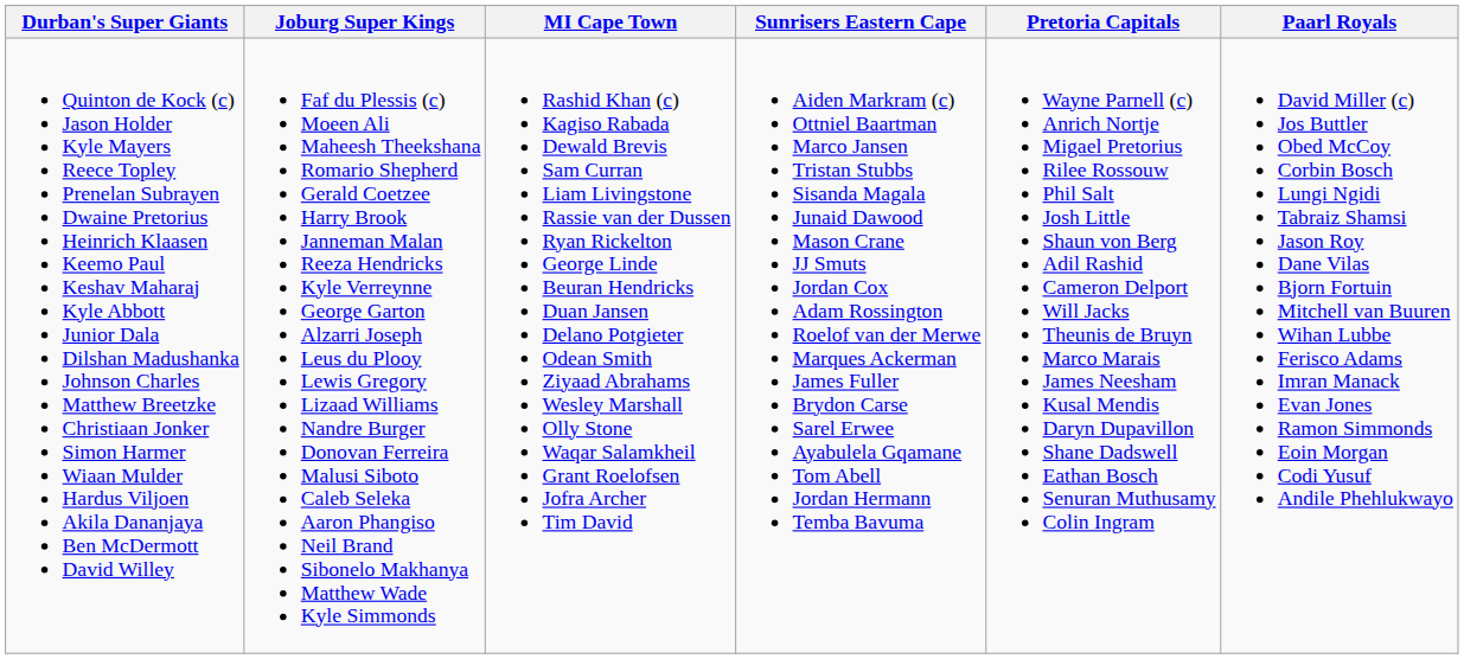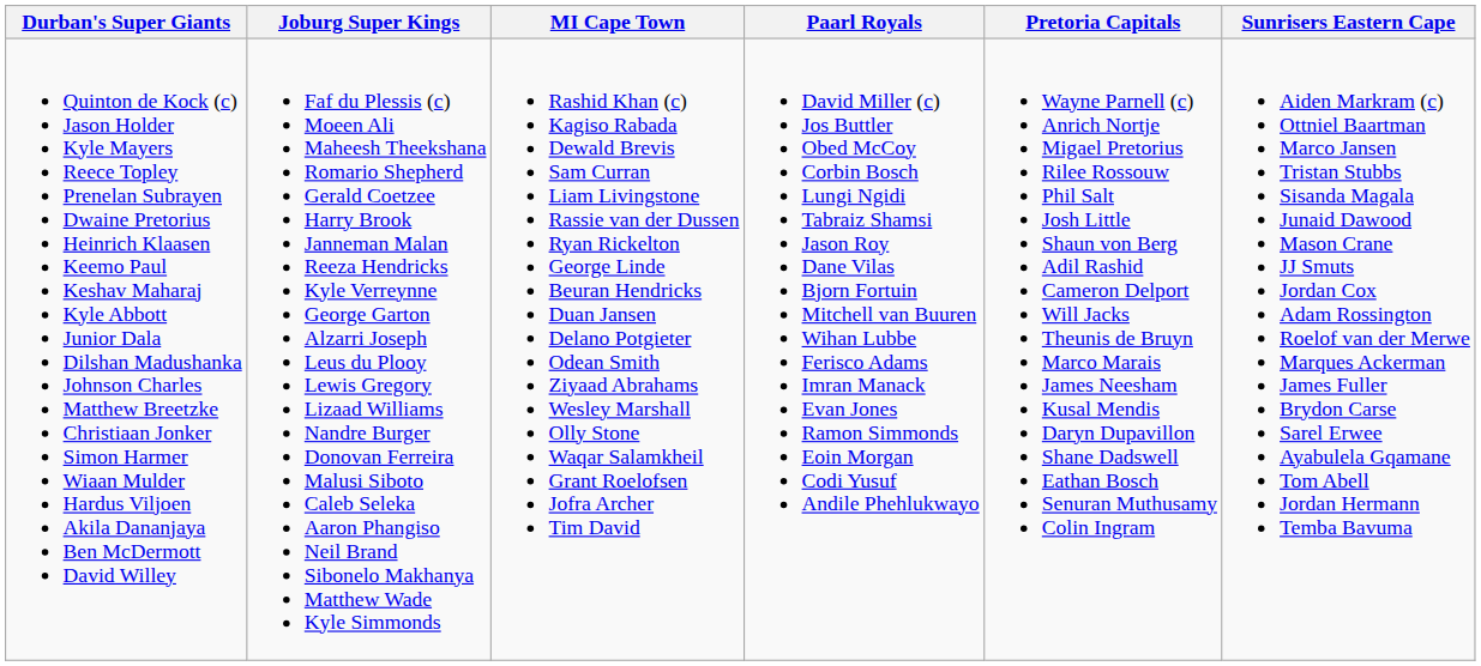 <table class="wikitable">
 <tr>
 <th><a href='#'>Durban's Super Giants</a><br><small></small></th>
 <th><a href='#'>Joburg Super Kings</a><br><small></small></th>
 <th><a href='#'>MI Cape Town</a><br><small></small></th>
+<th><a href='#'>Paarl Royals</a><br><small></small></th>
+<th><a href='#'>Pretoria Capitals</a><br><small></small></th>
 <th><a href='#'>Sunrisers Eastern Cape</a><br><small></small></th>
-<th><a href='#'>Pretoria Capitals</a><br><small></small></th>
-<th><a href='#'>Paarl Royals</a><br><small></small></th>
 </tr>
 <tr>
 <td valign="top"><br><ul><li><a href='#'>Quinton de Kock</a> (<a href='#'>c</a>)</li><li><a href='#'>Jason Holder</a></li><li><a href='#'>Kyle Mayers</a></li><li><a href='#'>Reece Topley</a></li><li><a href='#'>Prenelan Subrayen</a></li><li><a href='#'>Dwaine Pretorius</a></li><li><a href='#'>Heinrich Klaasen</a></li><li><a href='#'>Keemo Paul</a></li><li><a href='#'>Keshav Maharaj</a></li><li><a href='#'>Kyle Abbott</a></li><li><a href='#'>Junior Dala</a></li><li><a href='#'>Dilshan Madushanka</a></li><li><a href='#'>Johnson Charles</a></li><li><a href='#'>Matthew Breetzke</a></li><li><a href='#'>Christiaan Jonker</a></li><li><a href='#'>Simon Harmer</a></li><li><a href='#'>Wiaan Mulder</a></li><li><a href='#'>Hardus Viljoen</a></li><li><a href='#'>Akila Dananjaya</a></li><li><a href='#'>Ben McDermott</a></li><li><a href='#'>David Willey</a></li></ul></td>
 <td valign="top"><br><ul><li><a href='#'>Faf du Plessis</a> (<a href='#'>c</a>)</li><li><a href='#'>Moeen Ali</a></li><li><a href='#'>Maheesh Theekshana</a></li><li><a href='#'>Romario Shepherd</a></li><li><a href='#'>Gerald Coetzee</a></li><li><a href='#'>Harry Brook</a></li><li><a href='#'>Janneman Malan</a></li><li><a href='#'>Reeza Hendricks</a></li><li><a href='#'>Kyle Verreynne</a></li><li><a href='#'>George Garton</a></li><li><a href='#'>Alzarri Joseph</a></li><li><a href='#'>Leus du Plooy</a></li><li><a href='#'>Lewis Gregory</a></li><li><a href='#'>Lizaad Williams</a></li><li><a href='#'>Nandre Burger</a></li><li><a href='#'>Donovan Ferreira</a></li><li><a href='#'>Malusi Siboto</a></li><li><a href='#'>Caleb Seleka</a></li><li><a href='#'>Aaron Phangiso</a></li><li><a href='#'>Neil Brand</a></li><li><a href='#'>Sibonelo Makhanya</a></li><li><a href='#'>Matthew Wade</a></li><li><a href='#'>Kyle Simmonds</a></li></ul></td>
 <td valign="top"><br><ul><li><a href='#'>Rashid Khan</a> (<a href='#'>c</a>)</li><li><a href='#'>Kagiso Rabada</a></li><li><a href='#'>Dewald Brevis</a></li><li><a href='#'>Sam Curran</a></li><li><a href='#'>Liam Livingstone</a></li><li><a href='#'>Rassie van der Dussen</a></li><li><a href='#'>Ryan Rickelton</a></li><li><a href='#'>George Linde</a></li><li><a href='#'>Beuran Hendricks</a></li><li><a href='#'>Duan Jansen</a></li><li><a href='#'>Delano Potgieter</a></li><li><a href='#'>Odean Smith</a></li><li><a href='#'>Ziyaad Abrahams</a></li><li><a href='#'>Wesley Marshall</a></li><li><a href='#'>Olly Stone</a></li><li><a href='#'>Waqar Salamkheil</a></li><li><a href='#'>Grant Roelofsen</a></li><li><a href='#'>Jofra Archer</a></li><li><a href='#'>Tim David</a></li></ul></td>
+<td valign="top"><br><ul><li><a href='#'>David Miller</a> (<a href='#'>c</a>)</li><li><a href='#'>Jos Buttler</a></li><li><a href='#'>Obed McCoy</a></li><li><a href='#'>Corbin Bosch</a></li><li><a href='#'>Lungi Ngidi</a></li><li><a href='#'>Tabraiz Shamsi</a></li><li><a href='#'>Jason Roy</a></li><li><a href='#'>Dane Vilas</a></li><li><a href='#'>Bjorn Fortuin</a></li><li><a href='#'>Mitchell van Buuren</a></li><li><a href='#'>Wihan Lubbe</a></li><li><a href='#'>Ferisco Adams</a></li><li><a href='#'>Imran Manack</a></li><li><a href='#'>Evan Jones</a></li><li><a href='#'>Ramon Simmonds</a></li><li><a href='#'>Eoin Morgan</a></li><li><a href='#'>Codi Yusuf</a></li><li><a href='#'>Andile Phehlukwayo</a></li></ul></td>
+<td valign="top"><br><ul><li><a href='#'>Wayne Parnell</a> (<a href='#'>c</a>)</li><li><a href='#'>Anrich Nortje</a></li><li><a href='#'>Migael Pretorius</a></li><li><a href='#'>Rilee Rossouw</a></li><li><a href='#'>Phil Salt</a></li><li><a href='#'>Josh Little</a></li><li><a href='#'>Shaun von Berg</a></li><li><a href='#'>Adil Rashid</a></li><li><a href='#'>Cameron Delport</a></li><li><a href='#'>Will Jacks</a></li><li><a href='#'>Theunis de Bruyn</a></li><li><a href='#'>Marco Marais</a></li><li><a href='#'>James Neesham</a></li><li><a href='#'>Kusal Mendis</a></li><li><a href='#'>Daryn Dupavillon</a></li><li><a href='#'>Shane Dadswell</a></li><li><a href='#'>Eathan Bosch</a></li><li><a href='#'>Senuran Muthusamy</a></li><li><a href='#'>Colin Ingram</a></li></ul></td>
 <td valign="top"><br><ul><li><a href='#'>Aiden Markram</a> (<a href='#'>c</a>)</li><li><a href='#'>Ottniel Baartman</a></li><li><a href='#'>Marco Jansen</a></li><li><a href='#'>Tristan Stubbs</a></li><li><a href='#'>Sisanda Magala</a></li><li><a href='#'>Junaid Dawood</a></li><li><a href='#'>Mason Crane</a></li><li><a href='#'>JJ Smuts</a></li><li><a href='#'>Jordan Cox</a></li><li><a href='#'>Adam Rossington</a></li><li><a href='#'>Roelof van der Merwe</a></li><li><a href='#'>Marques Ackerman</a></li><li><a href='#'>James Fuller</a></li><li><a href='#'>Brydon Carse</a></li><li><a href='#'>Sarel Erwee</a></li><li><a href='#'>Ayabulela Gqamane</a></li><li><a href='#'>Tom Abell</a></li><li><a href='#'>Jordan Hermann</a></li><li><a href='#'>Temba Bavuma</a></li></ul></td>
-<td valign="top"><br><ul><li><a href='#'>Wayne Parnell</a> (<a href='#'>c</a>)</li><li><a href='#'>Anrich Nortje</a></li><li><a href='#'>Migael Pretorius</a></li><li><a href='#'>Rilee Rossouw</a></li><li><a href='#'>Phil Salt</a></li><li><a href='#'>Josh Little</a></li><li><a href='#'>Shaun von Berg</a></li><li><a href='#'>Adil Rashid</a></li><li><a href='#'>Cameron Delport</a></li><li><a href='#'>Will Jacks</a></li><li><a href='#'>Theunis de Bruyn</a></li><li><a href='#'>Marco Marais</a></li><li><a href='#'>James Neesham</a></li><li><a href='#'>Kusal Mendis</a></li><li><a href='#'>Daryn Dupavillon</a></li><li><a href='#'>Shane Dadswell</a></li><li><a href='#'>Eathan Bosch</a></li><li><a href='#'>Senuran Muthusamy</a></li><li><a href='#'>Colin Ingram</a></li></ul></td>
-<td valign="top"><br><ul><li><a href='#'>David Miller</a> (<a href='#'>c</a>)</li><li><a href='#'>Jos Buttler</a></li><li><a href='#'>Obed McCoy</a></li><li><a href='#'>Corbin Bosch</a></li><li><a href='#'>Lungi Ngidi</a></li><li><a href='#'>Tabraiz Shamsi</a></li><li><a href='#'>Jason Roy</a></li><li><a href='#'>Dane Vilas</a></li><li><a href='#'>Bjorn Fortuin</a></li><li><a href='#'>Mitchell van Buuren</a></li><li><a href='#'>Wihan Lubbe</a></li><li><a href='#'>Ferisco Adams</a></li><li><a href='#'>Imran Manack</a></li><li><a href='#'>Evan Jones</a></li><li><a href='#'>Ramon Simmonds</a></li><li><a href='#'>Eoin Morgan</a></li><li><a href='#'>Codi Yusuf</a></li><li><a href='#'>Andile Phehlukwayo</a></li></ul></td>
 </tr>
 </table>
